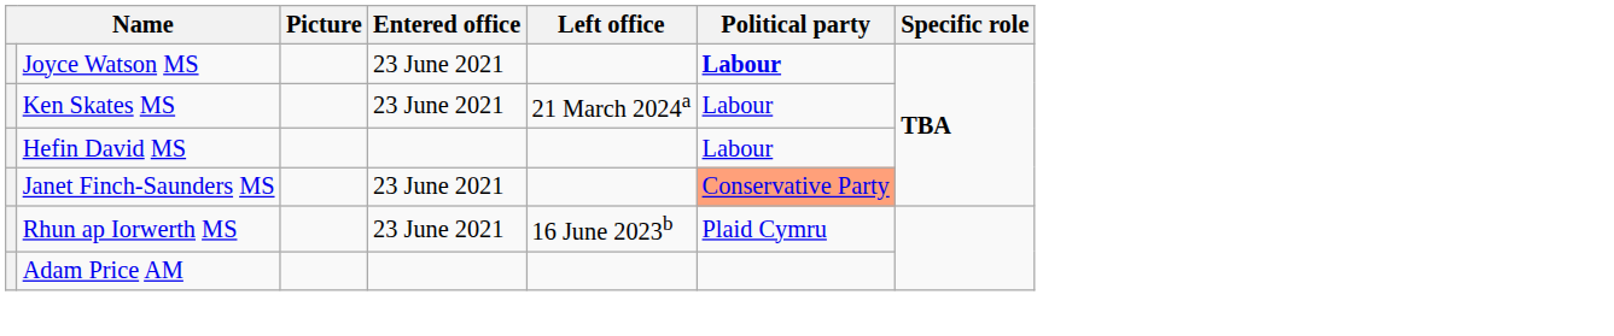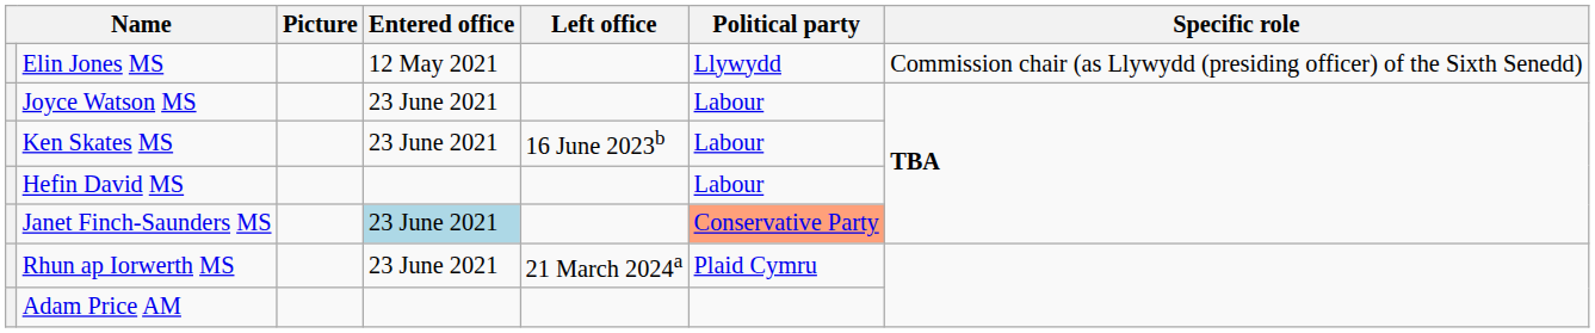 <table class="wikitable">
 <tr>
 <th colspan="2">Name</th>
 <th>Picture</th>
 <th>Entered office</th>
 <th>Left office</th>
 <th>Political party</th>
 <th>Specific role</th>
 </tr>
 <tr>
 <th style="background-color:"></th>
+<td><a href='#'>Elin Jones</a> <a href='#'>MS</a></td>
+<td></td>
+<td>12 May 2021</td>
+<td></td>
+<td><a href='#'>Llywydd</a></td>
+<td>Commission chair (as Llywydd (presiding officer) of the Sixth Senedd)</td>
+</tr>
+<tr>
+<th style="background-color:"></th>
 <td><a href='#'>Joyce Watson</a> <a href='#'>MS</a></td>
 <td></td>
 <td>23 June 2021</td>
 <td></td>
-<td><strong><a href='#'>Labour</a></strong></td>
+<td><a href='#'>Labour</a></td>
 <td rowspan="4"><strong>TBA</strong></td>
 </tr>
 <tr>
 <th style="background-color:"></th>
 <td><a href='#'>Ken Skates</a> <a href='#'>MS</a></td>
 <td></td>
 <td>23 June 2021</td>
-<td>21 March 2024<sup>a</sup></td>
+<td>16 June 2023<sup>b</sup></td>
 <td><a href='#'>Labour</a></td>
 </tr>
 <tr>
 <th style="background-color:"></th>
 <td><a href='#'>Hefin David</a> <a href='#'>MS</a></td>
 <td></td>
 <td></td>
 <td></td>
 <td><a href='#'>Labour</a></td>
 </tr>
 <tr>
 <th style="background-color:"></th>
 <td><a href='#'>Janet Finch-Saunders</a> <a href='#'>MS</a></td>
 <td></td>
-<td>23 June 2021</td>
+<td style="background: lightblue;">23 June 2021</td>
 <td></td>
 <td style="background: lightsalmon;"><a href='#'>Conservative Party</a></td>
 </tr>
 <tr>
 <th style="background-color:"></th>
 <td><a href='#'>Rhun ap Iorwerth</a> <a href='#'>MS</a></td>
 <td></td>
 <td>23 June 2021</td>
-<td>16 June 2023<sup>b</sup></td>
+<td>21 March 2024<sup>a</sup></td>
 <td><a href='#'>Plaid Cymru</a></td>
 </tr>
 <tr>
 <th style="background-color:"></th>
 <td><a href='#'>Adam Price</a> <a href='#'>AM</a></td>
 <td></td>
 <td></td>
 <td></td>
 <td></td>
 </tr>
 </table>
